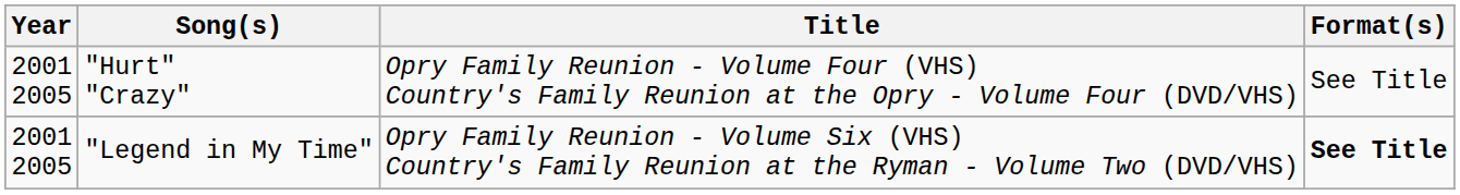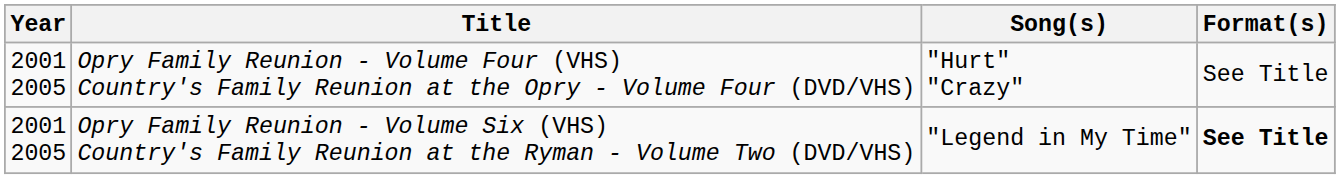 <table class="wikitable">
 <tr>
 <th>Year</th>
+<th>Title</th>
 <th>Song(s)</th>
-<th>Title</th>
 <th>Format(s)</th>
 </tr>
 <tr>
 <td>2001<br>2005</td>
+<td><em>Opry Family Reunion - Volume Four</em> (VHS)<br><em>Country's Family Reunion at the Opry - Volume Four </em>(DVD/VHS)</td>
 <td>"Hurt"<br>"Crazy"</td>
-<td><em>Opry Family Reunion - Volume Four</em> (VHS)<br><em>Country's Family Reunion at the Opry - Volume Four </em>(DVD/VHS)</td>
 <td>See Title</td>
 </tr>
 <tr>
 <td>2001<br>2005</td>
+<td><em>Opry Family Reunion - Volume Six</em> (VHS)<br><em>Country's Family Reunion at the Ryman - Volume Two</em> (DVD/VHS)</td>
 <td>"Legend in My Time"</td>
-<td><em>Opry Family Reunion - Volume Six</em> (VHS)<br><em>Country's Family Reunion at the Ryman - Volume Two</em> (DVD/VHS)</td>
 <td><strong>See Title</strong></td>
 </tr>
 </table>
